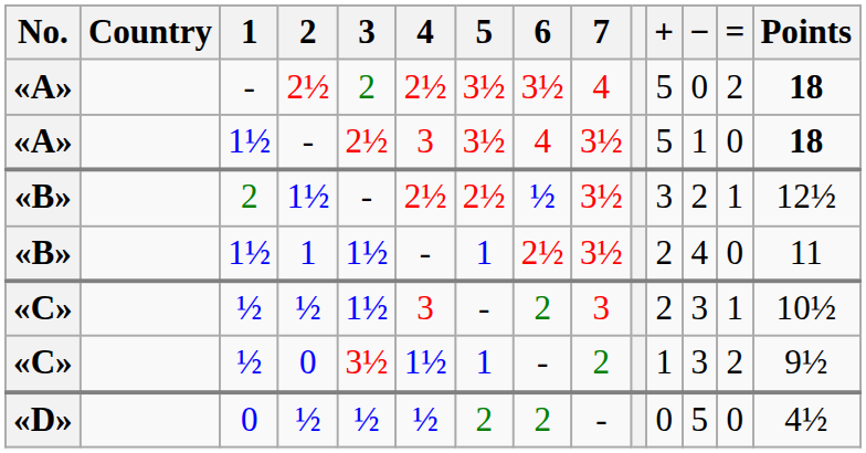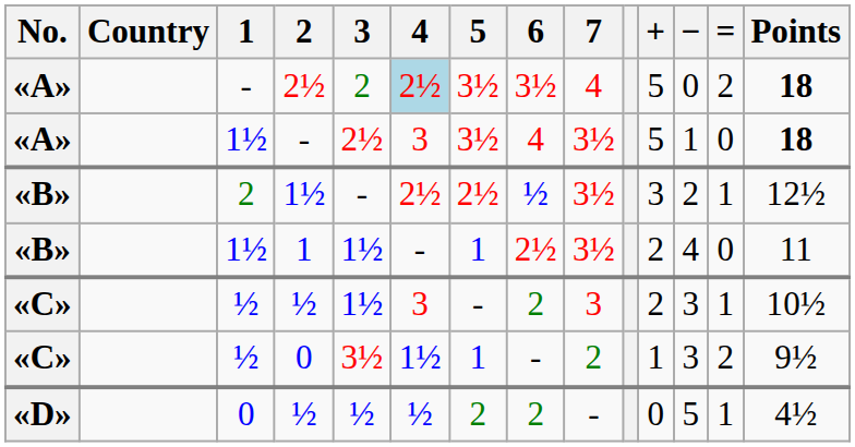 <table class="wikitable" style="text-align:center">
 <tr>
 <th>No.</th>
 <th>Country</th>
 <th>1</th>
 <th>2</th>
 <th>3</th>
 <th>4</th>
 <th>5</th>
 <th>6</th>
 <th>7</th>
 <th></th>
 <th>+</th>
 <th>−</th>
 <th>=</th>
 <th>Points</th>
 </tr>
 <tr>
 <th>«A»</th>
 <td style="text-align: left"></td>
 <td>-</td>
 <td style="color:red;">2½</td>
 <td style="color:green;">2</td>
-<td style="color:red;">2½</td>
+<td style="background: lightblue; color:red;">2½</td>
 <td style="color:red;">3½</td>
 <td style="color:red;">3½</td>
 <td style="color:red;">4</td>
 <th></th>
 <td>5</td>
 <td>0</td>
 <td>2</td>
 <td><strong>18</strong></td>
 </tr>
 <tr>
 <th>«A»</th>
 <td style="text-align: left"></td>
 <td style="color:blue;">1½</td>
 <td>-</td>
 <td style="color:red;">2½</td>
 <td style="color:red;">3</td>
 <td style="color:red;">3½</td>
 <td style="color:red;">4</td>
 <td style="color:red;">3½</td>
 <th></th>
 <td>5</td>
 <td>1</td>
 <td>0</td>
 <td><strong>18</strong></td>
 </tr>
 <tr style="border-top:2px solid grey;">
 <th>«B»</th>
 <td style="text-align: left"></td>
 <td style="color:green;">2</td>
 <td style="color:blue;">1½</td>
 <td>-</td>
 <td style="color:red;">2½</td>
 <td style="color:red;">2½</td>
 <td style="color:blue;">½</td>
 <td style="color:red;">3½</td>
 <th></th>
 <td>3</td>
 <td>2</td>
 <td>1</td>
 <td>12½</td>
 </tr>
 <tr>
 <th>«B»</th>
 <td style="text-align: left"></td>
 <td style="color:blue;">1½</td>
 <td style="color:blue;">1</td>
 <td style="color:blue;">1½</td>
 <td>-</td>
 <td style="color:blue;">1</td>
 <td style="color:red;">2½</td>
 <td style="color:red;">3½</td>
 <th></th>
 <td>2</td>
 <td>4</td>
 <td>0</td>
 <td>11</td>
 </tr>
 <tr style="border-top:2px solid grey;">
 <th>«C»</th>
 <td style="text-align: left"></td>
 <td style="color:blue;">½</td>
 <td style="color:blue;">½</td>
 <td style="color:blue;">1½</td>
 <td style="color:red;">3</td>
 <td>-</td>
 <td style="color:green;">2</td>
 <td style="color:red;">3</td>
 <th></th>
 <td>2</td>
 <td>3</td>
 <td>1</td>
 <td>10½</td>
 </tr>
 <tr>
 <th>«C»</th>
 <td style="text-align: left"></td>
 <td style="color:blue;">½</td>
 <td style="color:blue;">0</td>
 <td style="color:red;">3½</td>
 <td style="color:blue;">1½</td>
 <td style="color:blue;">1</td>
 <td>-</td>
 <td style="color:green;">2</td>
 <th></th>
 <td>1</td>
 <td>3</td>
 <td>2</td>
 <td>9½</td>
 </tr>
 <tr style="border-top:2px solid grey;">
 <th>«D»</th>
 <td style="text-align: left"></td>
 <td style="color:blue;">0</td>
 <td style="color:blue;">½</td>
 <td style="color:blue;">½</td>
 <td style="color:blue;">½</td>
 <td style="color:green;">2</td>
 <td style="color:green;">2</td>
 <td>-</td>
 <th></th>
 <td>0</td>
 <td>5</td>
-<td>0</td>
+<td>1</td>
 <td>4½</td>
 </tr>
 </table>
